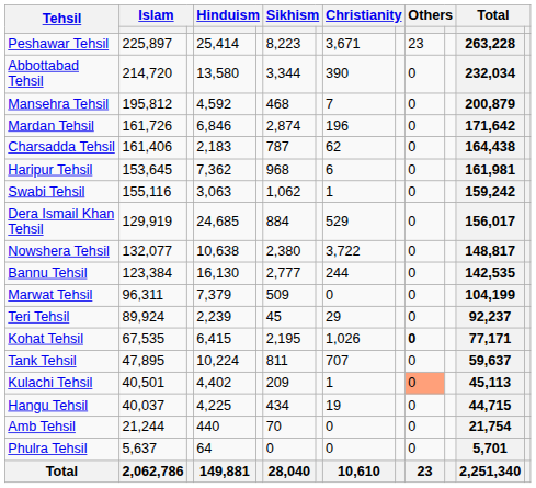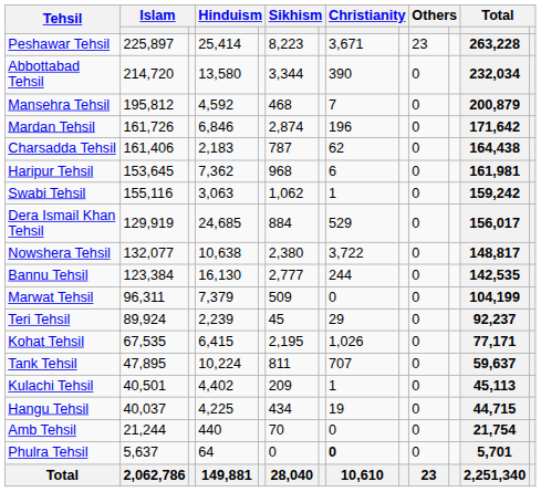 <table class="wikitable sortable">
 <tr>
 <th rowspan="2"><a href='#'>Tehsil</a></th>
 <th colspan="2"><a href='#'>Islam</a> </th>
 <th colspan="2"><a href='#'>Hinduism</a> </th>
 <th colspan="2"><a href='#'>Sikhism</a> </th>
 <th colspan="2"><a href='#'>Christianity</a> </th>
 <th colspan="2">Others</th>
 <th colspan="2">Total</th>
 </tr>
 <tr>
 <th><a href='#'></a></th>
 <th></th>
 <th></th>
 <th></th>
 <th></th>
 <th></th>
 <th></th>
 <th></th>
 <th></th>
 <th></th>
 <th></th>
 <th></th>
 </tr>
 <tr>
 <td><a href='#'>Peshawar Tehsil</a></td>
 <td>225,897</td>
 <td></td>
 <td>25,414</td>
 <td></td>
 <td>8,223</td>
 <td></td>
 <td>3,671</td>
 <td></td>
 <td>23</td>
 <td></td>
 <th>263,228</th>
 <th></th>
 </tr>
 <tr>
 <td><a href='#'>Abbottabad Tehsil</a></td>
 <td>214,720</td>
 <td></td>
 <td>13,580</td>
 <td></td>
 <td>3,344</td>
 <td></td>
 <td>390</td>
 <td></td>
 <td>0</td>
 <td></td>
 <th>232,034</th>
 <th></th>
 </tr>
 <tr>
 <td><a href='#'>Mansehra Tehsil</a></td>
 <td>195,812</td>
 <td></td>
 <td>4,592</td>
 <td></td>
 <td>468</td>
 <td></td>
 <td>7</td>
 <td></td>
 <td>0</td>
 <td></td>
 <th>200,879</th>
 <th></th>
 </tr>
 <tr>
 <td><a href='#'>Mardan Tehsil</a></td>
 <td>161,726</td>
 <td></td>
 <td>6,846</td>
 <td></td>
 <td>2,874</td>
 <td></td>
 <td>196</td>
 <td></td>
 <td>0</td>
 <td></td>
 <th>171,642</th>
 <th></th>
 </tr>
 <tr>
 <td><a href='#'>Charsadda Tehsil</a></td>
 <td>161,406</td>
 <td></td>
 <td>2,183</td>
 <td></td>
 <td>787</td>
 <td></td>
 <td>62</td>
 <td></td>
 <td>0</td>
 <td></td>
 <th>164,438</th>
 <th></th>
 </tr>
 <tr>
 <td><a href='#'>Haripur Tehsil</a></td>
 <td>153,645</td>
 <td></td>
 <td>7,362</td>
 <td></td>
 <td>968</td>
 <td></td>
 <td>6</td>
 <td></td>
 <td>0</td>
 <td></td>
 <th>161,981</th>
 <th></th>
 </tr>
 <tr>
 <td><a href='#'>Swabi Tehsil</a></td>
 <td>155,116</td>
 <td></td>
 <td>3,063</td>
 <td></td>
 <td>1,062</td>
 <td></td>
 <td>1</td>
 <td></td>
 <td>0</td>
 <td></td>
 <th>159,242</th>
 <th></th>
 </tr>
 <tr>
 <td><a href='#'>Dera Ismail Khan Tehsil</a></td>
 <td>129,919</td>
 <td></td>
 <td>24,685</td>
 <td></td>
 <td>884</td>
 <td></td>
 <td>529</td>
 <td></td>
 <td>0</td>
 <td></td>
 <th>156,017</th>
 <th></th>
 </tr>
 <tr>
 <td><a href='#'>Nowshera Tehsil</a></td>
 <td>132,077</td>
 <td></td>
 <td>10,638</td>
 <td></td>
 <td>2,380</td>
 <td></td>
 <td>3,722</td>
 <td></td>
 <td>0</td>
 <td></td>
 <th>148,817</th>
 <th></th>
 </tr>
 <tr>
 <td><a href='#'>Bannu Tehsil</a></td>
 <td>123,384</td>
 <td></td>
 <td>16,130</td>
 <td></td>
 <td>2,777</td>
 <td></td>
 <td>244</td>
 <td></td>
 <td>0</td>
 <td></td>
 <th>142,535</th>
 <th></th>
 </tr>
 <tr>
 <td><a href='#'>Marwat Tehsil</a></td>
 <td>96,311</td>
 <td></td>
 <td>7,379</td>
 <td></td>
 <td>509</td>
 <td></td>
 <td>0</td>
 <td></td>
 <td>0</td>
 <td></td>
 <th>104,199</th>
 <th></th>
 </tr>
 <tr>
 <td><a href='#'>Teri Tehsil</a></td>
 <td>89,924</td>
 <td></td>
 <td>2,239</td>
 <td></td>
 <td>45</td>
 <td></td>
 <td>29</td>
 <td></td>
 <td>0</td>
 <td></td>
 <th>92,237</th>
 <th></th>
 </tr>
 <tr>
 <td><a href='#'>Kohat Tehsil</a></td>
 <td>67,535</td>
 <td></td>
 <td>6,415</td>
 <td></td>
 <td>2,195</td>
 <td></td>
 <td>1,026</td>
 <td></td>
-<td><strong>0</strong></td>
+<td>0</td>
 <td></td>
 <th>77,171</th>
 <th></th>
 </tr>
 <tr>
 <td><a href='#'>Tank Tehsil</a></td>
 <td>47,895</td>
 <td></td>
 <td>10,224</td>
 <td></td>
 <td>811</td>
 <td></td>
 <td>707</td>
 <td></td>
 <td>0</td>
 <td></td>
 <th>59,637</th>
 <th></th>
 </tr>
 <tr>
 <td><a href='#'>Kulachi Tehsil</a></td>
 <td>40,501</td>
 <td></td>
 <td>4,402</td>
 <td></td>
 <td>209</td>
 <td></td>
 <td>1</td>
 <td></td>
-<td style="background: lightsalmon;">0</td>
+<td>0</td>
 <td></td>
 <th>45,113</th>
 <th></th>
 </tr>
 <tr>
 <td><a href='#'>Hangu Tehsil</a></td>
 <td>40,037</td>
 <td></td>
 <td>4,225</td>
 <td></td>
 <td>434</td>
 <td></td>
 <td>19</td>
 <td></td>
 <td>0</td>
 <td></td>
 <th>44,715</th>
 <th></th>
 </tr>
 <tr>
 <td><a href='#'>Amb Tehsil</a></td>
 <td>21,244</td>
 <td></td>
 <td>440</td>
 <td></td>
 <td>70</td>
 <td></td>
 <td>0</td>
 <td></td>
 <td>0</td>
 <td></td>
 <th>21,754</th>
 <th></th>
 </tr>
 <tr>
 <td><a href='#'>Phulra Tehsil</a></td>
 <td>5,637</td>
 <td></td>
 <td>64</td>
 <td></td>
 <td>0</td>
 <td></td>
-<td>0</td>
+<td><strong>0</strong></td>
 <td></td>
 <td>0</td>
 <td></td>
 <th>5,701</th>
 <th></th>
 </tr>
 <tr>
 <th>Total</th>
 <th>2,062,786</th>
 <th></th>
 <th>149,881</th>
 <th></th>
 <th>28,040</th>
 <th></th>
 <th>10,610</th>
 <th></th>
 <th>23</th>
 <th></th>
 <th><strong>2,251,340</strong></th>
 <th><strong></strong></th>
 </tr>
 </table>
